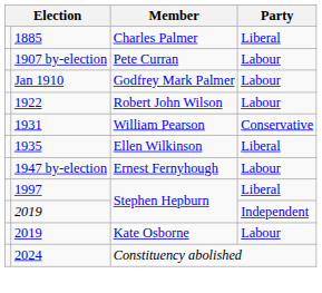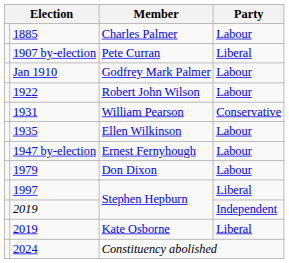 <table class="wikitable">
 <tr>
 <th colspan="2">Election</th>
 <th>Member</th>
 <th>Party</th>
 </tr>
 <tr>
 <td style="color:inherit;background-color: "></td>
 <td><a href='#'>1885</a></td>
 <td><a href='#'>Charles Palmer</a></td>
-<td><a href='#'>Liberal</a></td>
+<td><a href='#'>Labour</a></td>
 </tr>
 <tr>
 <td style="color:inherit;background-color: "></td>
 <td><a href='#'>1907 by-election</a></td>
 <td><a href='#'>Pete Curran</a></td>
-<td><a href='#'>Labour</a></td>
+<td><a href='#'>Liberal</a></td>
 </tr>
 <tr>
 <td style="color:inherit;background-color: "></td>
 <td><a href='#'>Jan 1910</a></td>
 <td><a href='#'>Godfrey Mark Palmer</a></td>
 <td><a href='#'>Labour</a></td>
 </tr>
 <tr>
 <td style="color:inherit;background-color: "></td>
 <td><a href='#'>1922</a></td>
 <td><a href='#'>Robert John Wilson</a></td>
 <td><a href='#'>Labour</a></td>
 </tr>
 <tr>
 <td style="color:inherit;background-color: "></td>
 <td><a href='#'>1931</a></td>
 <td><a href='#'>William Pearson</a></td>
 <td><a href='#'>Conservative</a></td>
 </tr>
 <tr>
 <td style="color:inherit;background-color: "></td>
 <td><a href='#'>1935</a></td>
 <td><a href='#'>Ellen Wilkinson</a></td>
-<td><a href='#'>Liberal</a></td>
+<td><a href='#'>Labour</a></td>
 </tr>
 <tr>
 <td style="color:inherit;background-color: "></td>
 <td><a href='#'>1947 by-election</a></td>
 <td><a href='#'>Ernest Fernyhough</a></td>
+<td><a href='#'>Labour</a></td>
+</tr>
+<tr>
+<td style="color:inherit;background-color: "></td>
+<td><a href='#'>1979</a></td>
+<td><a href='#'>Don Dixon</a></td>
 <td><a href='#'>Labour</a></td>
 </tr>
 <tr>
 <td style="color:inherit;background-color: "></td>
 <td><a href='#'>1997</a></td>
 <td rowspan="2"><a href='#'>Stephen Hepburn</a></td>
 <td><a href='#'>Liberal</a></td>
 </tr>
 <tr>
 <td style="color:inherit;background-color: "></td>
 <td><em>2019</em></td>
 <td><a href='#'>Independent</a></td>
 </tr>
 <tr>
 <td style="color:inherit;background-color: "></td>
 <td><a href='#'>2019</a></td>
 <td><a href='#'>Kate Osborne</a></td>
-<td><a href='#'>Labour</a></td>
+<td><a href='#'>Liberal</a></td>
 </tr>
 <tr>
 <td></td>
 <td><a href='#'>2024</a></td>
 <td colspan="2"><em>Constituency abolished</em></td>
 </tr>
 </table>
